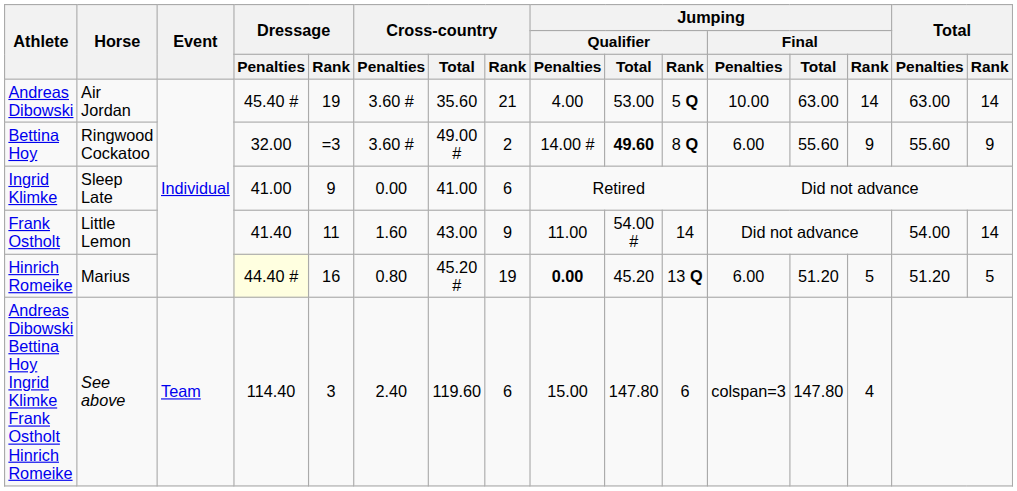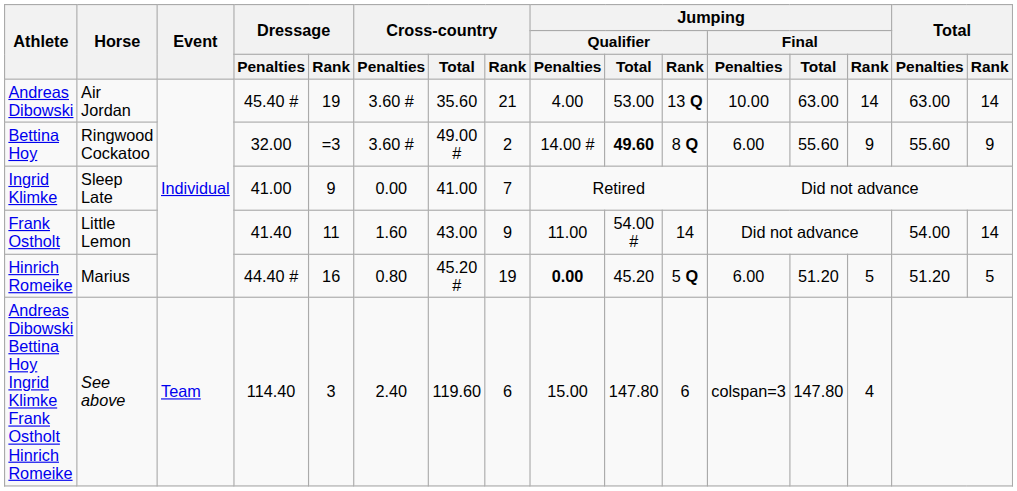 <table class=wikitable style="font-size:90%">
 <tr>
 <th rowspan="3">Athlete</th>
 <th rowspan="3">Horse</th>
 <th rowspan="3">Event</th>
 <th colspan="2" rowspan="2">Dressage</th>
 <th colspan="3" rowspan="2">Cross-country</th>
 <th colspan="6">Jumping</th>
 <th colspan="2" rowspan="2">Total</th>
 </tr>
 <tr style="font-size:95%">
 <th colspan="3">Qualifier</th>
 <th colspan="3">Final</th>
 </tr>
 <tr style="font-size:95%">
 <th>Penalties</th>
 <th>Rank</th>
 <th>Penalties</th>
 <th>Total</th>
 <th>Rank</th>
 <th>Penalties</th>
 <th>Total</th>
 <th>Rank</th>
 <th>Penalties</th>
 <th>Total</th>
 <th>Rank</th>
 <th>Penalties</th>
 <th>Rank</th>
 </tr>
 <tr align=center>
 <td align=left><a href='#'>Andreas Dibowski</a></td>
 <td align=left>Air Jordan</td>
 <td align=left rowspan=5><a href='#'>Individual</a></td>
 <td>45.40 #</td>
 <td>19</td>
 <td>3.60 #</td>
 <td>35.60</td>
 <td>21</td>
 <td>4.00</td>
 <td>53.00</td>
-<td>5 <strong>Q</strong></td>
+<td>13 <strong>Q</strong></td>
 <td>10.00</td>
 <td>63.00</td>
 <td>14</td>
 <td>63.00</td>
 <td>14</td>
 </tr>
 <tr align=center>
 <td align=left><a href='#'>Bettina Hoy</a></td>
 <td align=left>Ringwood Cockatoo</td>
 <td>32.00</td>
 <td>=3</td>
 <td>3.60 #</td>
 <td>49.00 #</td>
 <td>2</td>
 <td>14.00 #</td>
 <td><strong>49.60</strong></td>
 <td>8 <strong>Q</strong></td>
 <td>6.00</td>
 <td>55.60</td>
 <td>9</td>
 <td>55.60</td>
 <td>9</td>
 </tr>
 <tr align=center>
 <td align=left><a href='#'>Ingrid Klimke</a></td>
 <td align=left>Sleep Late</td>
 <td>41.00</td>
 <td>9</td>
 <td>0.00</td>
 <td>41.00</td>
-<td>6</td>
+<td>7</td>
 <td colspan=3>Retired</td>
 <td colspan=5>Did not advance</td>
 </tr>
 <tr align=center>
 <td align=left><a href='#'>Frank Ostholt</a></td>
 <td align=left>Little Lemon</td>
 <td>41.40</td>
 <td>11</td>
 <td>1.60</td>
 <td>43.00</td>
 <td>9</td>
 <td>11.00</td>
 <td>54.00 #</td>
 <td>14</td>
 <td colspan=3>Did not advance</td>
 <td>54.00</td>
 <td>14</td>
 </tr>
 <tr align=center>
 <td align=left><a href='#'>Hinrich Romeike</a></td>
 <td align=left>Marius</td>
-<td style="background: lightyellow;">44.40 #</td>
+<td>44.40 #</td>
 <td>16</td>
 <td>0.80</td>
 <td>45.20 #</td>
 <td>19</td>
 <td><strong>0.00</strong></td>
 <td>45.20</td>
-<td>13 <strong>Q</strong></td>
+<td>5 <strong>Q</strong></td>
 <td>6.00</td>
 <td>51.20</td>
 <td>5</td>
 <td>51.20</td>
 <td>5</td>
 </tr>
 <tr align=center>
 <td align=left><a href='#'>Andreas Dibowski</a><br><a href='#'>Bettina Hoy</a><br><a href='#'>Ingrid Klimke</a><br><a href='#'>Frank Ostholt</a><br><a href='#'>Hinrich Romeike</a></td>
 <td align=left><em>See above</em></td>
 <td align=left><a href='#'>Team</a></td>
 <td>114.40</td>
 <td>3</td>
 <td>2.40</td>
 <td>119.60</td>
 <td>6</td>
 <td>15.00</td>
 <td>147.80</td>
 <td>6</td>
 <td>colspan=3 </td>
 <td>147.80</td>
 <td>4</td>
 </tr>
 </table>
